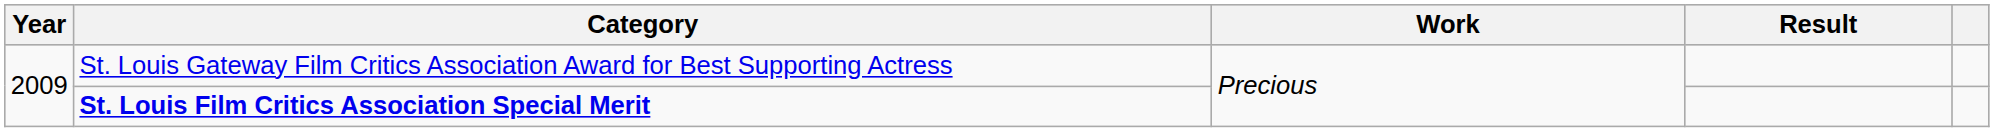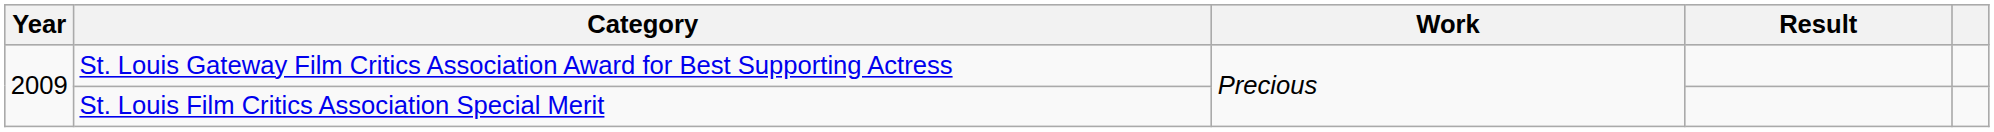 <table class="wikitable">
 <tr>
 <th scope="col" style="width:1em;">Year</th>
 <th scope="col" style="width:44em;">Category</th>
 <th scope="col" style="width:18em;">Work</th>
 <th scope="col" style="width:10em;">Result</th>
 <th class="unsortable" style="width:1em;"></th>
 </tr>
 <tr>
 <td rowspan="2">2009</td>
 <td><a href='#'>St. Louis Gateway Film Critics Association Award for Best Supporting Actress</a></td>
 <td rowspan="2"><em>Precious</em></td>
 <td></td>
 <td></td>
 </tr>
 <tr>
-<td><strong><a href='#'>St. Louis Film Critics Association Special Merit</a> </strong></td>
+<td><a href='#'>St. Louis Film Critics Association Special Merit</a> </td>
 <td></td>
 <td></td>
 </tr>
 </table>
